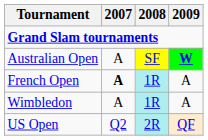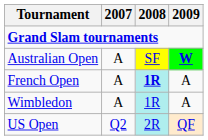 <table class=wikitable style=text-align:center>
 <tr>
 <th>Tournament</th>
 <th>2007</th>
 <th>2008</th>
 <th>2009</th>
 </tr>
 <tr>
 <td colspan=10 align=left><strong><a href='#'>Grand Slam tournaments</a></strong></td>
 </tr>
 <tr>
 <td align=left><a href='#'>Australian Open</a></td>
 <td>A</td>
 <td bgcolor=yellow><a href='#'>SF</a></td>
 <td bgcolor=lime><a href='#'><strong>W</strong></a></td>
 </tr>
 <tr>
 <td align=left><a href='#'>French Open</a></td>
-<td><strong>A</strong></td>
-<td bgcolor=afeeee><a href='#'>1R</a></td>
+<td>A</td>
+<td bgcolor=afeeee><strong><a href='#'>1R</a></strong></td>
 <td>A</td>
 </tr>
 <tr>
 <td align=left><a href='#'>Wimbledon</a></td>
 <td>A</td>
 <td bgcolor=afeeee><a href='#'>1R</a></td>
 <td>A</td>
 </tr>
 <tr>
 <td align=left><a href='#'>US Open</a></td>
 <td><a href='#'>Q2</a></td>
 <td bgcolor=afeeee><a href='#'>2R</a></td>
 <td bgcolor=ffebcd><a href='#'>QF</a></td>
 </tr>
 </table>
